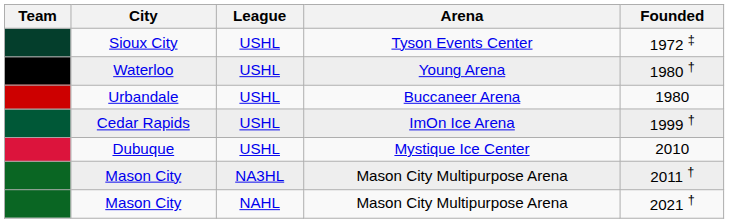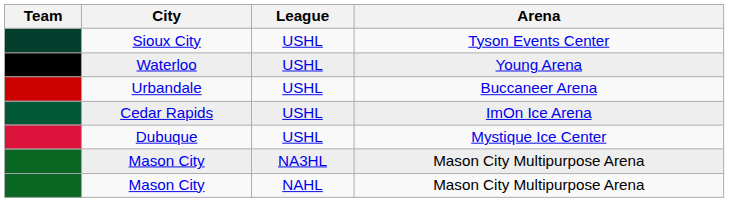 <table class="wikitable sortable" width="60%">
 <tr>
 <th>Team</th>
 <th>City</th>
 <th>League</th>
 <th>Arena</th>
-<th>Founded</th>
 </tr>
 <tr align=center>
 <td style="color:white; background:#043e2c; "><strong><a href='#'></a></strong></td>
 <td><a href='#'>Sioux City</a></td>
 <td><a href='#'>USHL</a></td>
 <td><a href='#'>Tyson Events Center</a></td>
-<td>1972 <sup>‡</sup></td>
 </tr>
 <tr align=center bgcolor=eeeeee>
 <td style="color:white; background:#000000; "><strong><a href='#'></a></strong></td>
 <td><a href='#'>Waterloo</a></td>
 <td><a href='#'>USHL</a></td>
 <td><a href='#'>Young Arena</a></td>
-<td>1980 <sup>†</sup></td>
 </tr>
 <tr align=center>
 <td style="color:white; background:#CD0000; "><strong><a href='#'></a></strong></td>
 <td><a href='#'>Urbandale</a></td>
 <td><a href='#'>USHL</a></td>
 <td><a href='#'>Buccaneer Arena</a></td>
-<td>1980</td>
 </tr>
 <tr align=center bgcolor=eeeeee>
 <td style="color:white; background:#005837; "><strong><a href='#'></a></strong></td>
 <td><a href='#'>Cedar Rapids</a></td>
 <td><a href='#'>USHL</a></td>
 <td><a href='#'>ImOn Ice Arena</a></td>
-<td>1999 <sup>†</sup></td>
 </tr>
 <tr align=center>
 <td style="color:white; background:#DC143C"><strong><a href='#'></a></strong></td>
 <td><a href='#'>Dubuque</a></td>
 <td><a href='#'>USHL</a></td>
 <td><a href='#'>Mystique Ice Center</a></td>
-<td>2010</td>
 </tr>
 <tr align=center bgcolor=eeeeee>
 <td style="color:white; background:#0A6623; "><strong><a href='#'></a></strong></td>
 <td><a href='#'>Mason City</a></td>
 <td><a href='#'>NA3HL</a></td>
 <td>Mason City Multipurpose Arena</td>
-<td>2011 <sup>†</sup></td>
 </tr>
 <tr align=center>
 <td style="color:white; background:#0A6623; "><strong><a href='#'></a></strong></td>
 <td><a href='#'>Mason City</a></td>
 <td><a href='#'>NAHL</a></td>
 <td>Mason City Multipurpose Arena</td>
-<td>2021 <sup>†</sup></td>
 </tr>
 </table>
